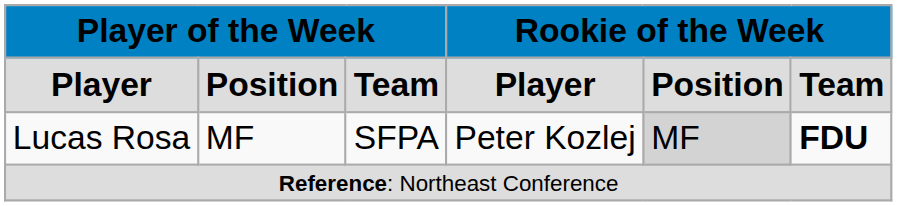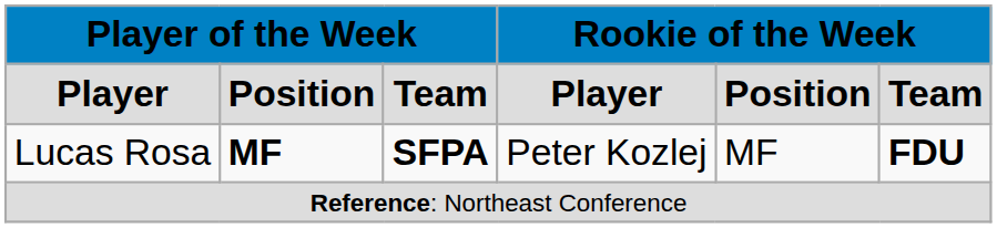 <table class="wikitable">
 <tr>
 <th colspan="3" style="background:#0081C4;"><span>Player of the Week</span></th>
 <th colspan="3" style="background:#0081C4;"><span>Rookie of the Week</span></th>
 </tr>
 <tr>
 <th style="background:#ddd;">Player</th>
 <th style="background:#ddd;">Position</th>
 <th style="background:#ddd;">Team</th>
 <th style="background:#ddd;">Player</th>
 <th style="background:#ddd;">Position</th>
 <th style="background:#ddd;">Team</th>
 </tr>
 <tr>
 <td>Lucas Rosa</td>
+<td><strong>MF</strong></td>
+<td><strong>SFPA</strong></td>
+<td>Peter Kozlej</td>
 <td>MF</td>
-<td>SFPA</td>
-<td>Peter Kozlej</td>
-<td style="background: lightgrey;">MF</td>
 <td><strong>FDU</strong></td>
 </tr>
 <tr>
 <td colspan="12"  style="font-size:8pt; text-align:center; background:#ddd;"><strong>Reference</strong>: Northeast Conference</td>
 </tr>
 </table>
